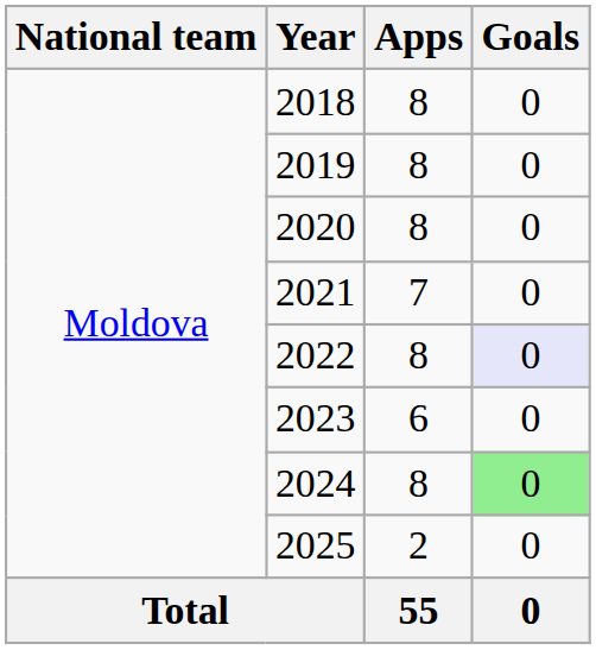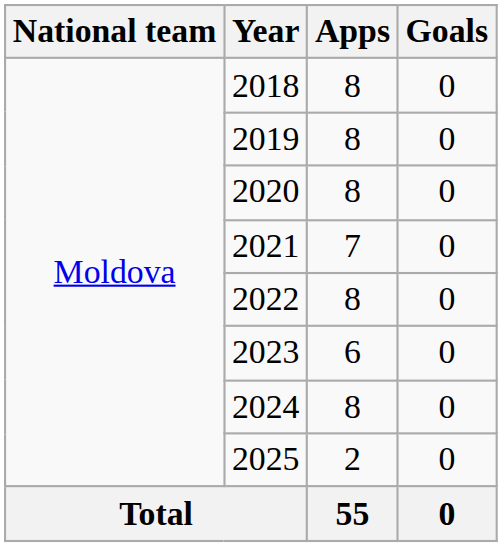 <table class="wikitable" style="text-align:center">
 <tr>
 <th>National team</th>
 <th>Year</th>
 <th>Apps</th>
 <th>Goals</th>
 </tr>
 <tr>
 <td rowspan="8"><a href='#'>Moldova</a></td>
 <td>2018</td>
 <td>8</td>
 <td>0</td>
 </tr>
 <tr>
 <td>2019</td>
 <td>8</td>
 <td>0</td>
 </tr>
 <tr>
 <td>2020</td>
 <td>8</td>
 <td>0</td>
 </tr>
 <tr>
 <td>2021</td>
 <td>7</td>
 <td>0</td>
 </tr>
 <tr>
 <td>2022</td>
 <td>8</td>
-<td style="background: lavender;">0</td>
+<td>0</td>
 </tr>
 <tr>
 <td>2023</td>
 <td>6</td>
 <td>0</td>
 </tr>
 <tr>
 <td>2024</td>
 <td>8</td>
-<td style="background: lightgreen;">0</td>
+<td>0</td>
 </tr>
 <tr>
 <td>2025</td>
 <td>2</td>
 <td>0</td>
 </tr>
 <tr>
 <th colspan="2">Total</th>
 <th>55</th>
 <th>0</th>
 </tr>
 </table>
